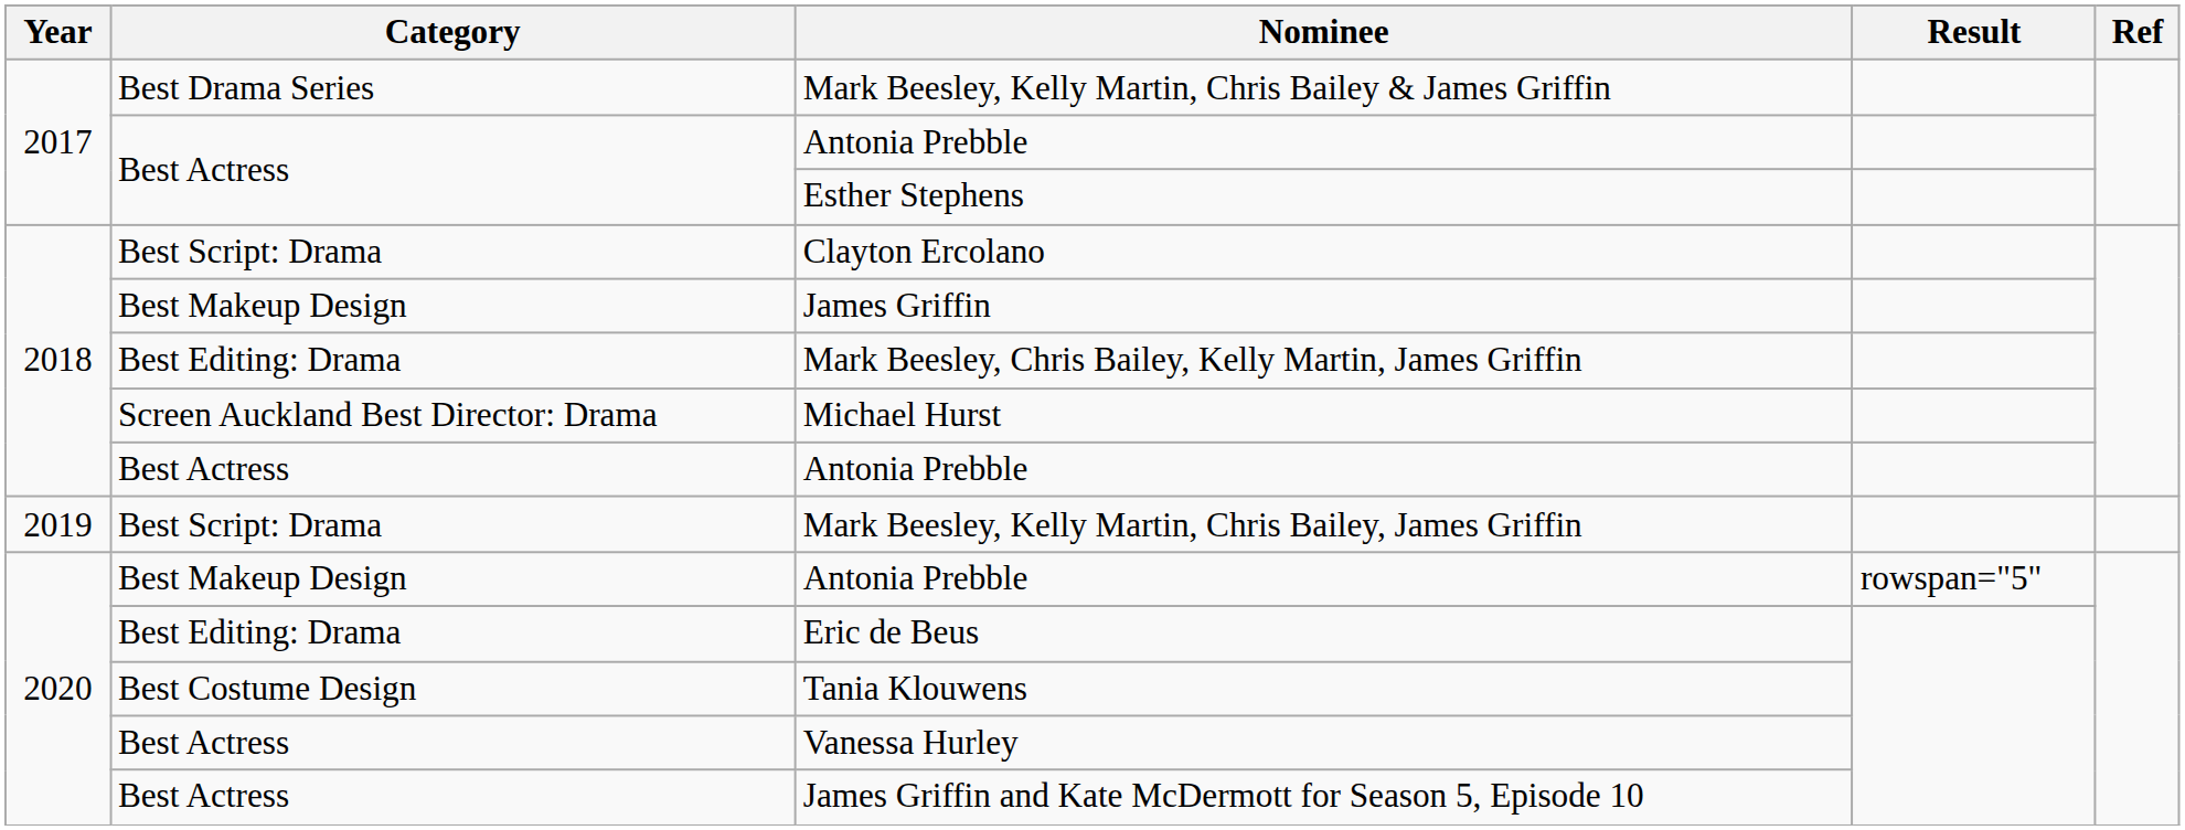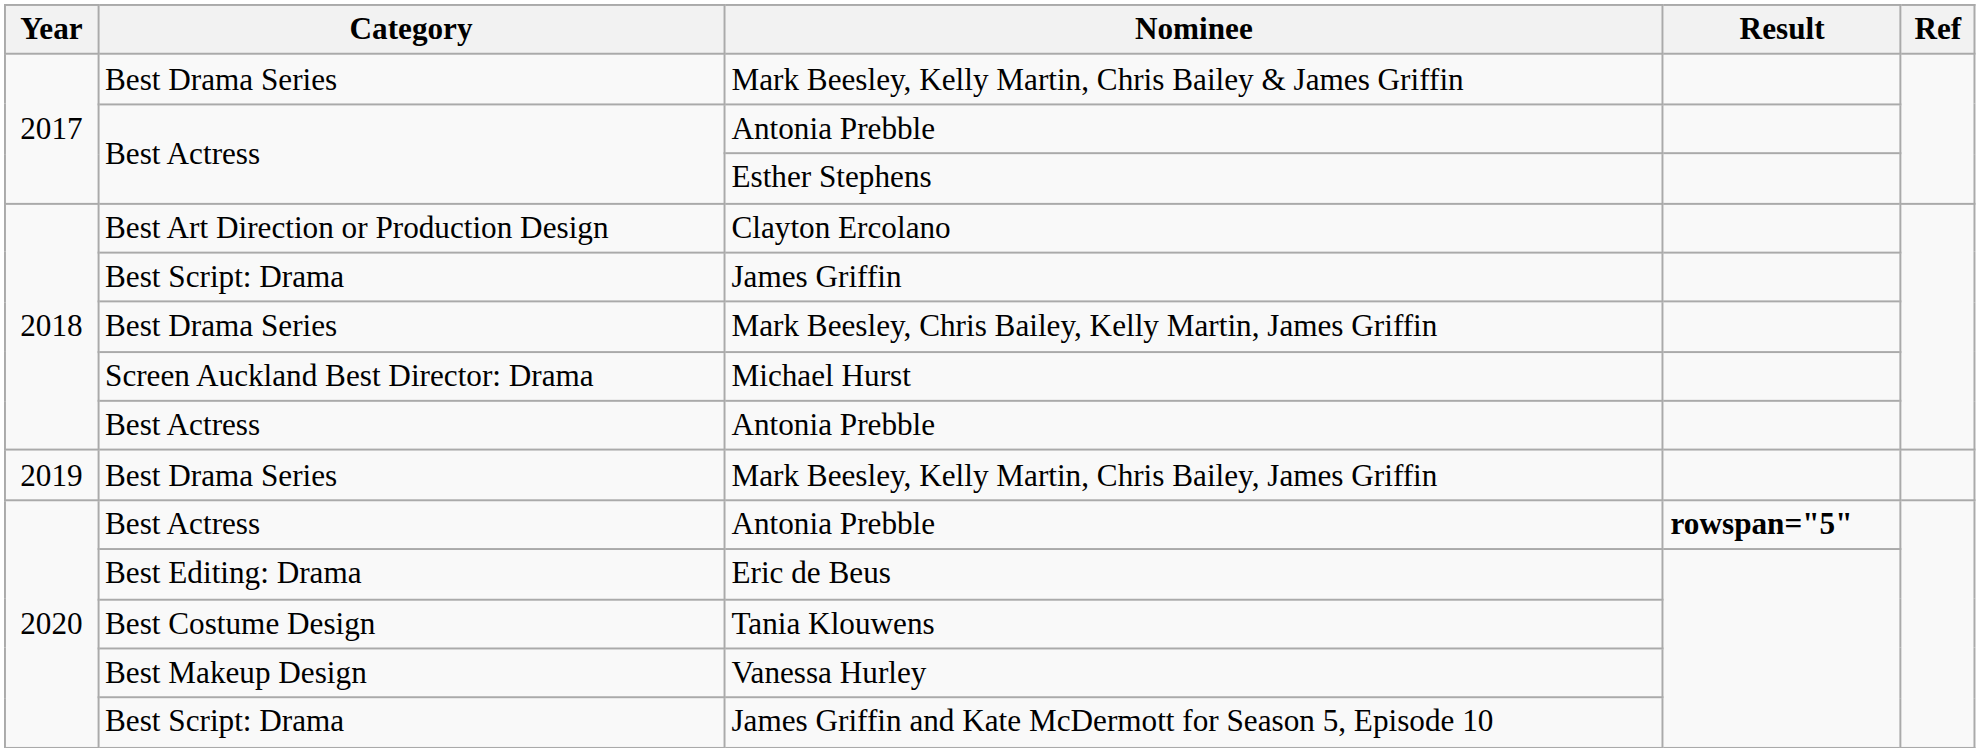 <table class="wikitable" width="80%">
 <tr>
 <th>Year</th>
 <th>Category</th>
 <th>Nominee</th>
 <th>Result</th>
 <th>Ref</th>
 </tr>
 <tr>
 <td rowspan="3" align="center">2017</td>
 <td>Best Drama Series</td>
 <td>Mark Beesley, Kelly Martin, Chris Bailey & James Griffin</td>
 <td></td>
 <td rowspan="3" align="center"></td>
 </tr>
 <tr>
 <td rowspan="2">Best Actress</td>
 <td>Antonia Prebble</td>
 <td></td>
 </tr>
 <tr>
 <td>Esther Stephens</td>
 <td></td>
 </tr>
 <tr>
 <td rowspan="5" align="center">2018</td>
-<td>Best Script: Drama</td>
+<td>Best Art Direction or Production Design</td>
 <td>Clayton Ercolano</td>
 <td></td>
 <td rowspan="5" align="center"></td>
 </tr>
 <tr>
-<td>Best Makeup Design</td>
+<td>Best Script: Drama</td>
 <td>James Griffin</td>
 <td></td>
 </tr>
 <tr>
-<td>Best Editing: Drama</td>
+<td>Best Drama Series</td>
 <td>Mark Beesley, Chris Bailey, Kelly Martin, James Griffin</td>
 <td></td>
 </tr>
 <tr>
 <td>Screen Auckland Best Director: Drama</td>
 <td>Michael Hurst</td>
 <td></td>
 </tr>
 <tr>
 <td>Best Actress</td>
 <td>Antonia Prebble</td>
 <td></td>
 </tr>
 <tr>
 <td align="center">2019</td>
-<td>Best Script: Drama</td>
+<td>Best Drama Series</td>
 <td>Mark Beesley, Kelly Martin, Chris Bailey, James Griffin</td>
 <td></td>
 <td align="center"></td>
 </tr>
 <tr>
 <td rowspan="5" align="center">2020</td>
-<td>Best Makeup Design</td>
+<td>Best Actress</td>
 <td>Antonia Prebble</td>
-<td>rowspan="5" </td>
+<td><strong>rowspan="5" </strong></td>
 <td rowspan="5" align="center"></td>
 </tr>
 <tr>
 <td>Best Editing: Drama</td>
 <td>Eric de Beus</td>
 </tr>
 <tr>
 <td>Best Costume Design</td>
 <td>Tania Klouwens</td>
 </tr>
 <tr>
-<td>Best Actress</td>
+<td>Best Makeup Design</td>
 <td>Vanessa Hurley</td>
 </tr>
 <tr>
-<td>Best Actress</td>
+<td>Best Script: Drama</td>
 <td>James Griffin and Kate McDermott for Season 5, Episode 10</td>
 </tr>
 </table>
